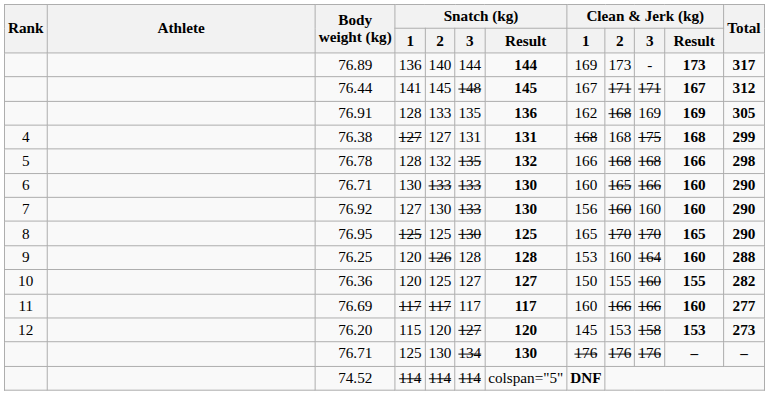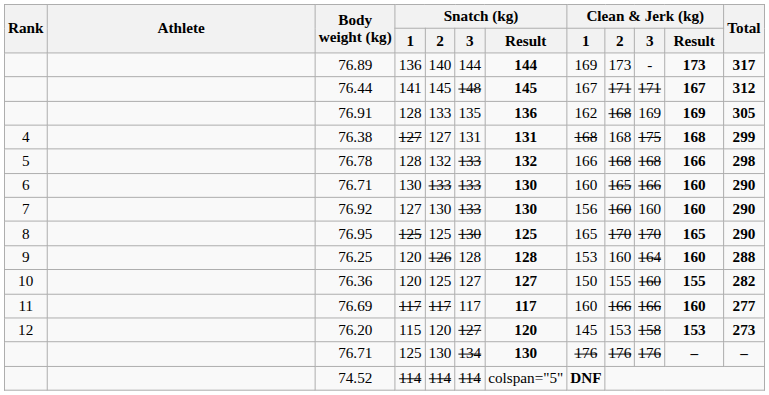 <table class = "wikitable sortable" style="text-align:center;">
 <tr>
 <th rowspan=2>Rank</th>
 <th rowspan=2 width=275>Athlete</th>
 <th rowspan=2>Body<br>weight (kg)</th>
 <th colspan=4>Snatch (kg)</th>
 <th colspan=4>Clean & Jerk (kg)</th>
 <th rowspan=2>Total</th>
 </tr>
 <tr>
 <th class="unsortable">1</th>
 <th class="unsortable">2</th>
 <th class="unsortable">3</th>
 <th width=55>Result</th>
 <th class="unsortable">1</th>
 <th class="unsortable">2</th>
 <th class="unsortable">3</th>
 <th width=55>Result</th>
 </tr>
 <tr>
 <td></td>
 <td align=left></td>
 <td>76.89</td>
 <td>136</td>
 <td>140</td>
 <td>144</td>
 <td><strong>144</strong></td>
 <td>169</td>
 <td>173</td>
 <td>-</td>
 <td><strong>173</strong></td>
 <td><strong>317</strong></td>
 </tr>
 <tr>
 <td></td>
 <td align=left></td>
 <td>76.44</td>
 <td>141</td>
 <td>145</td>
 <td><s>148</s></td>
 <td><strong>145</strong></td>
 <td>167</td>
 <td><s>171</s></td>
 <td><s>171</s></td>
 <td><strong>167</strong></td>
 <td><strong>312</strong></td>
 </tr>
 <tr>
 <td></td>
 <td align=left></td>
 <td>76.91</td>
 <td>128</td>
 <td>133</td>
 <td>135</td>
 <td><strong>136</strong></td>
 <td>162</td>
 <td><s>168</s></td>
 <td>169</td>
 <td><strong>169</strong></td>
 <td><strong>305</strong></td>
 </tr>
 <tr>
 <td>4</td>
 <td align=left></td>
 <td>76.38</td>
 <td><s>127</s></td>
 <td>127</td>
 <td>131</td>
 <td><strong>131</strong></td>
 <td><s>168</s></td>
 <td>168</td>
 <td><s>175</s></td>
 <td><strong>168</strong></td>
 <td><strong>299</strong></td>
 </tr>
 <tr>
 <td>5</td>
 <td align=left></td>
 <td>76.78</td>
 <td>128</td>
 <td>132</td>
-<td><s>135</s></td>
+<td><s>133</s></td>
 <td><strong>132</strong></td>
 <td>166</td>
 <td><s>168</s></td>
 <td><s>168</s></td>
 <td><strong>166</strong></td>
 <td><strong>298</strong></td>
 </tr>
 <tr>
 <td>6</td>
 <td align=left></td>
 <td>76.71</td>
 <td>130</td>
 <td><s>133</s></td>
 <td><s>133</s></td>
 <td><strong>130</strong></td>
 <td>160</td>
 <td><s>165</s></td>
 <td><s>166</s></td>
 <td><strong>160</strong></td>
 <td><strong>290</strong></td>
 </tr>
 <tr>
 <td>7</td>
 <td align=left></td>
 <td>76.92</td>
 <td>127</td>
 <td>130</td>
 <td><s>133</s></td>
 <td><strong>130</strong></td>
 <td>156</td>
 <td><s>160</s></td>
 <td>160</td>
 <td><strong>160</strong></td>
 <td><strong>290</strong></td>
 </tr>
 <tr>
 <td>8</td>
 <td align=left></td>
 <td>76.95</td>
 <td><s>125</s></td>
 <td>125</td>
 <td><s>130</s></td>
 <td><strong>125</strong></td>
 <td>165</td>
 <td><s>170</s></td>
 <td><s>170</s></td>
 <td><strong>165</strong></td>
 <td><strong>290</strong></td>
 </tr>
 <tr>
 <td>9</td>
 <td align=left></td>
 <td>76.25</td>
 <td>120</td>
 <td><s>126</s></td>
 <td>128</td>
 <td><strong>128</strong></td>
 <td>153</td>
 <td>160</td>
 <td><s>164</s></td>
 <td><strong>160</strong></td>
 <td><strong>288</strong></td>
 </tr>
 <tr>
 <td>10</td>
 <td align=left></td>
 <td>76.36</td>
 <td>120</td>
 <td>125</td>
 <td>127</td>
 <td><strong>127</strong></td>
 <td>150</td>
 <td>155</td>
 <td><s>160</s></td>
 <td><strong>155</strong></td>
 <td><strong>282</strong></td>
 </tr>
 <tr>
 <td>11</td>
 <td align=left></td>
 <td>76.69</td>
 <td><s>117</s></td>
 <td><s>117</s></td>
 <td>117</td>
 <td><strong>117</strong></td>
 <td>160</td>
 <td><s>166</s></td>
 <td><s>166</s></td>
 <td><strong>160</strong></td>
 <td><strong>277</strong></td>
 </tr>
 <tr>
 <td>12</td>
 <td align=left></td>
 <td>76.20</td>
 <td>115</td>
 <td>120</td>
 <td><s>127</s></td>
 <td><strong>120</strong></td>
 <td>145</td>
 <td>153</td>
 <td><s>158</s></td>
 <td><strong>153</strong></td>
 <td><strong>273</strong></td>
 </tr>
 <tr>
 <td></td>
 <td align=left></td>
 <td>76.71</td>
 <td>125</td>
 <td>130</td>
 <td><s>134</s></td>
 <td><strong>130</strong></td>
 <td><s>176</s></td>
 <td><s>176</s></td>
 <td><s>176</s></td>
 <td><strong>–</strong></td>
 <td><strong>–</strong></td>
 </tr>
 <tr>
 <td></td>
 <td align=left></td>
 <td>74.52</td>
 <td><s>114</s></td>
 <td><s>114</s></td>
 <td><s>114</s></td>
 <td>colspan="5" </td>
 <td><strong>DNF</strong></td>
 </tr>
 </table>
